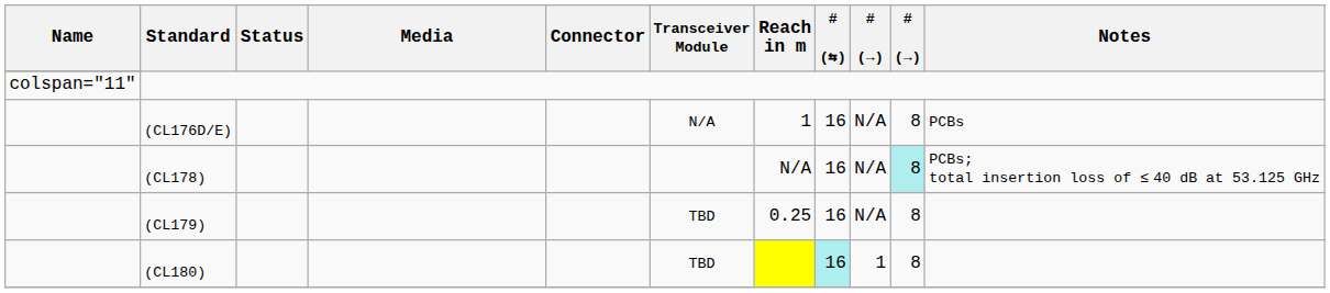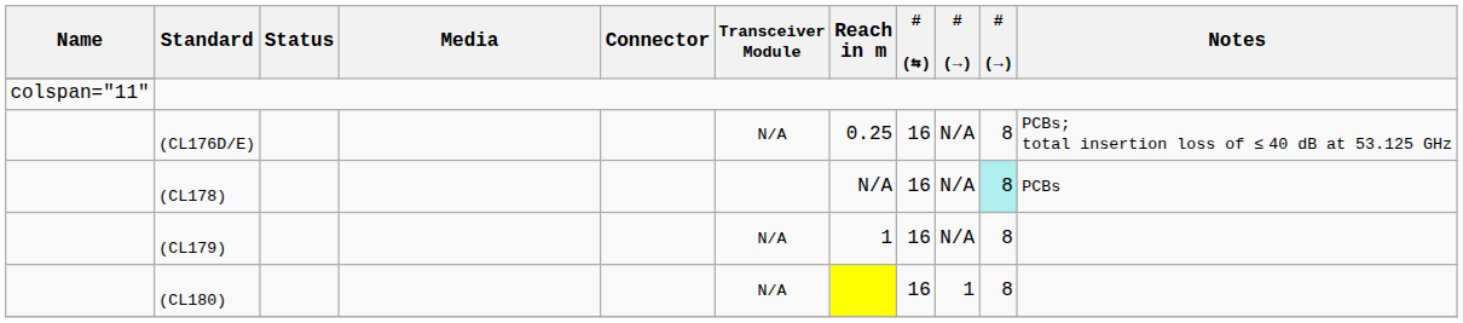 <table class="wikitable" style="line-height:110%;">
 <tr>
 <th>Name</th>
 <th>Standard</th>
 <th>Status</th>
 <th style="width: 170px;">Media</th>
 <th>Connector</th>
 <th><small>Transceiver<br>Module</small></th>
 <th>Reach<br>in m</th>
 <th><small>#<br><br>(⇆)</small></th>
 <th><small>#<br><br>(→)</small></th>
 <th><small>#<br><br>(→)</small></th>
 <th>Notes</th>
 </tr>
 <tr>
 </tr>
 <tr>
 <td>colspan="11" </td>
 </tr>
 <tr>
 <td></td>
 <td><br><small>(CL176D/E)</small></td>
 <td></td>
 <td></td>
 <td></td>
 <td align="center"><small>N/A</small></td>
-<td style="text-align:right;">1</td>
+<td style="text-align:right;">0.25</td>
 <td style="text-align:right;">16</td>
 <td style="text-align:right;">N/A</td>
 <td style="text-align:right;">8</td>
-<td><small>PCBs</small></td>
+<td><small>PCBs;<br>total insertion loss of ≤ 40 dB at 53.125 GHz</small></td>
 </tr>
 <tr>
 <td></td>
 <td><br><small>(CL178)</small></td>
 <td></td>
 <td></td>
 <td></td>
 <td></td>
 <td style="text-align:right;">N/A</td>
 <td style="text-align:right;">16</td>
 <td style="text-align:right;">N/A</td>
 <td style="background: paleturquoise; text-align:right;">8</td>
-<td><small>PCBs;<br>total insertion loss of ≤ 40 dB at 53.125 GHz</small></td>
+<td><small>PCBs</small></td>
 </tr>
 <tr>
 <td></td>
 <td><br><small>(CL179)</small></td>
 <td></td>
 <td></td>
 <td></td>
-<td align="center"><small>TBD</small></td>
-<td style="text-align:right;">0.25</td>
+<td align="center"><small>N/A</small></td>
+<td style="text-align:right;">1</td>
 <td style="text-align:right;">16</td>
 <td style="text-align:right;">N/A</td>
 <td style="text-align:right;">8</td>
 <td></td>
 </tr>
 <tr>
 <td></td>
 <td><br><small>(CL180)</small></td>
 <td></td>
 <td></td>
 <td></td>
-<td align="center"><small>TBD</small></td>
+<td align="center"><small>N/A</small></td>
 <td style="background-color:#FFFF00"></td>
-<td style="background: paleturquoise; text-align:right;">16</td>
+<td style="text-align:right;">16</td>
 <td style="text-align:right;">1</td>
 <td style="text-align:right;">8</td>
 <td style="text-align:right;"></td>
 </tr>
 <tr>
 </tr>
 </table>
